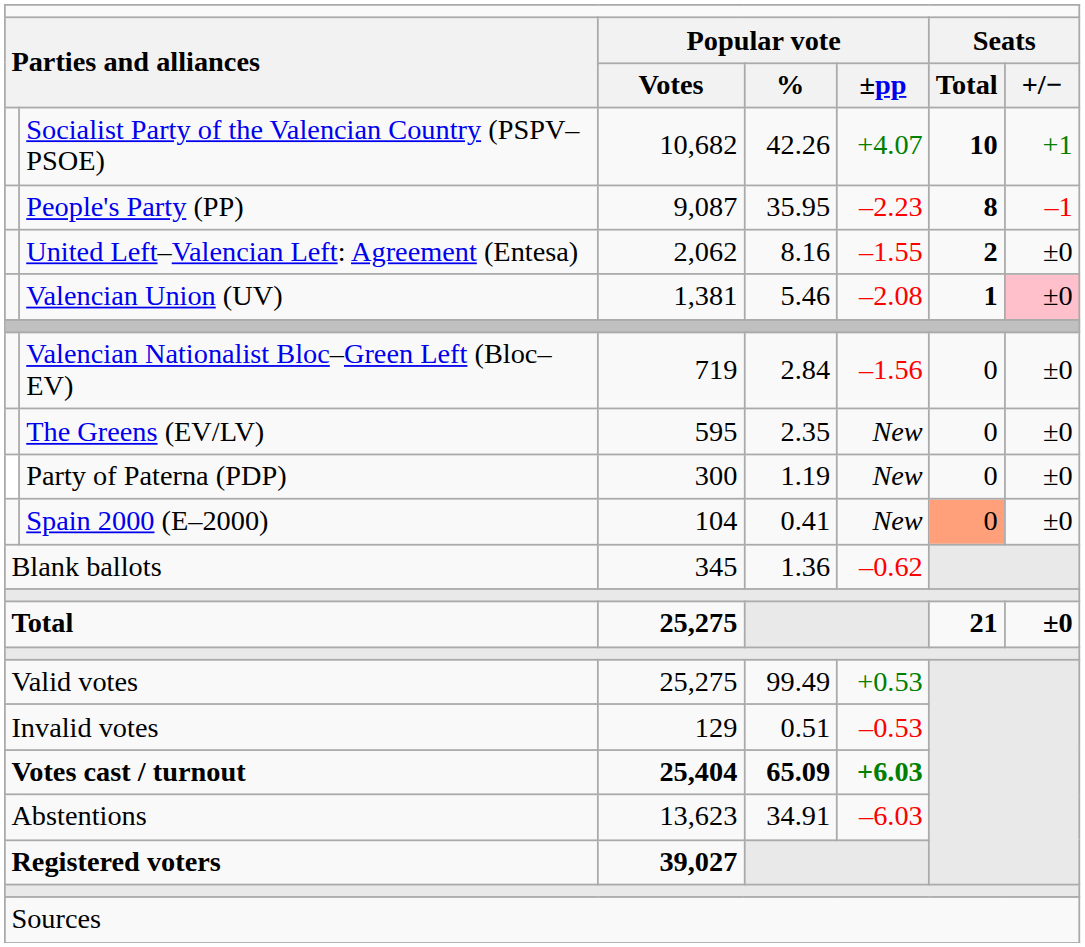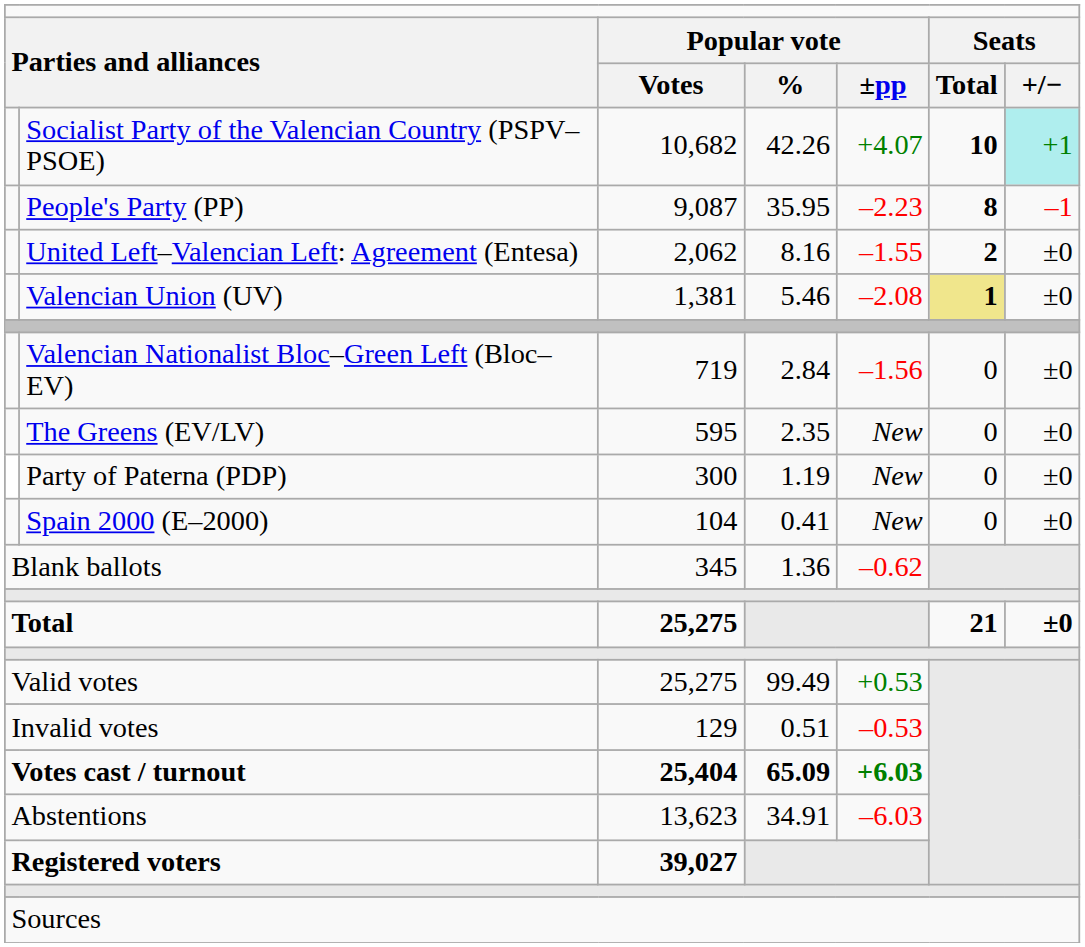 <table class="wikitable" style="text-align:right;">
 <tr>
 <td colspan="7"></td>
 </tr>
 <tr>
 <th style="text-align:left;" rowspan="2" colspan="2" width="525">Parties and alliances</th>
 <th colspan="3">Popular vote</th>
 <th colspan="2">Seats</th>
 </tr>
 <tr>
 <th width="75">Votes</th>
 <th width="45">%</th>
 <th width="45">±<a href='#'>pp</a></th>
 <th width="35">Total</th>
 <th width="35">+/−</th>
 </tr>
 <tr>
 <td width="1" style="color:inherit;background:"></td>
 <td align="left"><a href='#'>Socialist Party of the Valencian Country</a> (PSPV–PSOE)</td>
 <td>10,682</td>
 <td>42.26</td>
 <td style="color:green;">+4.07</td>
 <td><strong>10</strong></td>
-<td style="color:green;">+1</td>
+<td style="background: paleturquoise; color:green;">+1</td>
 </tr>
 <tr>
 <td style="color:inherit;background:"></td>
 <td align="left"><a href='#'>People's Party</a> (PP)</td>
 <td>9,087</td>
 <td>35.95</td>
 <td style="color:red;">–2.23</td>
 <td><strong>8</strong></td>
 <td style="color:red;">–1</td>
 </tr>
 <tr>
 <td style="color:inherit;background:"></td>
 <td align="left"><a href='#'>United Left</a>–<a href='#'>Valencian Left</a>: <a href='#'>Agreement</a> (Entesa)</td>
 <td>2,062</td>
 <td>8.16</td>
 <td style="color:red;">–1.55</td>
 <td><strong>2</strong></td>
 <td>±0</td>
 </tr>
 <tr>
 <td style="color:inherit;background:"></td>
 <td align="left"><a href='#'>Valencian Union</a> (UV)</td>
 <td>1,381</td>
 <td>5.46</td>
 <td style="color:red;">–2.08</td>
-<td><strong>1</strong></td>
-<td style="background: pink;">±0</td>
+<td style="background: khaki;"><strong>1</strong></td>
+<td>±0</td>
 </tr>
 <tr>
 <td colspan="7" bgcolor="#C0C0C0"></td>
 </tr>
 <tr>
 <td style="color:inherit;background:"></td>
 <td align="left"><a href='#'>Valencian Nationalist Bloc</a>–<a href='#'>Green Left</a> (Bloc–EV)</td>
 <td>719</td>
 <td>2.84</td>
 <td style="color:red;">–1.56</td>
 <td>0</td>
 <td>±0</td>
 </tr>
 <tr>
 <td style="color:inherit;background:"></td>
 <td align="left"><a href='#'>The Greens</a> (EV/LV)</td>
 <td>595</td>
 <td>2.35</td>
 <td><em>New</em></td>
 <td>0</td>
 <td>±0</td>
 </tr>
 <tr>
 <td bgcolor="white"></td>
 <td align="left">Party of Paterna (PDP)</td>
 <td>300</td>
 <td>1.19</td>
 <td><em>New</em></td>
 <td>0</td>
 <td>±0</td>
 </tr>
 <tr>
 <td style="color:inherit;background:"></td>
 <td align="left"><a href='#'>Spain 2000</a> (E–2000)</td>
 <td>104</td>
 <td>0.41</td>
 <td><em>New</em></td>
-<td style="background: lightsalmon;">0</td>
+<td>0</td>
 <td>±0</td>
 </tr>
 <tr>
 <td align="left" colspan="2">Blank ballots</td>
 <td>345</td>
 <td>1.36</td>
 <td style="color:red;">–0.62</td>
 <td bgcolor="#E9E9E9" colspan="2"></td>
 </tr>
 <tr>
 <td colspan="7" bgcolor="#E9E9E9"></td>
 </tr>
 <tr style="font-weight:bold;">
 <td align="left" colspan="2">Total</td>
 <td>25,275</td>
 <td bgcolor="#E9E9E9" colspan="2"></td>
 <td>21</td>
 <td>±0</td>
 </tr>
 <tr>
 <td colspan="7" bgcolor="#E9E9E9"></td>
 </tr>
 <tr>
 <td align="left" colspan="2">Valid votes</td>
 <td>25,275</td>
 <td>99.49</td>
 <td style="color:green;">+0.53</td>
 <td bgcolor="#E9E9E9" colspan="2" rowspan="5"></td>
 </tr>
 <tr>
 <td align="left" colspan="2">Invalid votes</td>
 <td>129</td>
 <td>0.51</td>
 <td style="color:red;">–0.53</td>
 </tr>
 <tr style="font-weight:bold;">
 <td align="left" colspan="2">Votes cast / turnout</td>
 <td>25,404</td>
 <td>65.09</td>
 <td style="color:green;">+6.03</td>
 </tr>
 <tr>
 <td align="left" colspan="2">Abstentions</td>
 <td>13,623</td>
 <td>34.91</td>
 <td style="color:red;">–6.03</td>
 </tr>
 <tr style="font-weight:bold;">
 <td align="left" colspan="2">Registered voters</td>
 <td>39,027</td>
 <td bgcolor="#E9E9E9" colspan="2"></td>
 </tr>
 <tr>
 <td colspan="7" bgcolor="#E9E9E9"></td>
 </tr>
 <tr>
 <td align="left" colspan="7">Sources</td>
 </tr>
 </table>
